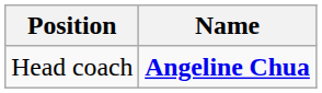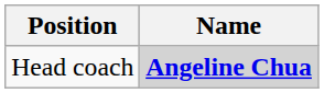 <table class="wikitable sortable" style="text-align:center">
 <tr>
 <th>Position</th>
 <th>Name</th>
 </tr>
 <tr>
 <td style="text-align:left;">Head coach</td>
-<td style="text-align:left;"> <strong><a href='#'>Angeline Chua</a></strong><br></td>
+<td style="background: lightgrey; text-align:left;"> <strong><a href='#'>Angeline Chua</a></strong><br></td>
 </tr>
 </table>
